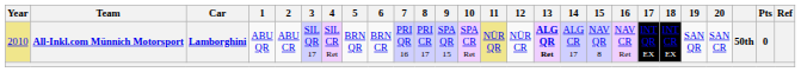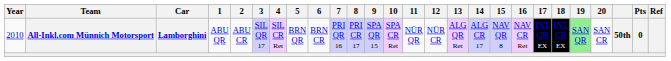 <table class="wikitable" style="text-align:center; font-size:85%;">
 <tr>
 <th>Year</th>
 <th>Team</th>
 <th>Car</th>
 <th>1</th>
 <th>2</th>
 <th>3</th>
 <th>4</th>
 <th>5</th>
 <th>6</th>
 <th>7</th>
 <th>8</th>
 <th>9</th>
 <th>10</th>
 <th>11</th>
 <th>12</th>
 <th>13</th>
 <th>14</th>
 <th>15</th>
 <th>16</th>
 <th>17</th>
 <th>18</th>
 <th>19</th>
 <th>20</th>
 <th></th>
 <th>Pts</th>
 <th>Ref</th>
 </tr>
 <tr>
-<td style="background: khaki;"><a href='#'>2010</a></td>
+<td><a href='#'>2010</a></td>
 <th nowrap><a href='#'>All-Inkl.com Münnich Motorsport</a></th>
 <th nowrap><a href='#'>Lamborghini</a></th>
 <td><a href='#'>ABU<br>QR</a></td>
 <td><a href='#'>ABU<br>CR</a></td>
 <td style="background:#cfcfff;"><a href='#'>SIL<br>QR</a><br><small>17<br></small></td>
 <td style="background:#efcfff;"><a href='#'>SIL<br>CR</a><br><small>Ret<br></small></td>
 <td><a href='#'>BRN<br>QR</a></td>
 <td><a href='#'>BRN<br>CR</a></td>
 <td style="background:#cfcfff;"><a href='#'>PRI<br>QR</a><br><small>16<br></small></td>
 <td style="background:#cfcfff;"><a href='#'>PRI<br>CR</a><br><small>17<br></small></td>
 <td style="background:#cfcfff;"><a href='#'>SPA<br>QR</a><br><small>15<br></small></td>
 <td style="background:#efcfff;"><a href='#'>SPA<br>CR</a><br><small>Ret<br></small></td>
-<td style="background: khaki;"><a href='#'>NÜR<br>QR</a></td>
+<td><a href='#'>NÜR<br>QR</a></td>
 <td><a href='#'>NÜR<br>CR</a></td>
-<td style="background:#efcfff;"><strong><a href='#'>ALG<br>QR</a><br><small>Ret<br></small></strong></td>
+<td style="background:#efcfff;"><a href='#'>ALG<br>QR</a><br><small>Ret<br></small></td>
 <td style="background:#cfcfff;"><a href='#'>ALG<br>CR</a><br><small>17<br></small></td>
 <td style="background:#cfcfff;"><a href='#'>NAV<br>QR</a><br><small>8<br></small></td>
 <td style="background:#efcfff;"><a href='#'>NAV<br>CR</a><br><small>Ret<br></small></td>
 <td style="background:#000; color:white;"><a href='#'><span>INT<br>QR</span></a><br><small>EX<br></small></td>
 <td style="background:#000; color:white;"><a href='#'><span>INT<br>CR</span></a><br><small>EX<br></small></td>
-<td><a href='#'>SAN<br>QR</a></td>
+<td style="background: lightgreen;"><a href='#'>SAN<br>QR</a></td>
 <td><a href='#'>SAN<br>CR</a></td>
 <th>50th</th>
 <th>0</th>
 <th></th>
 </tr>
 <tr>
 <th colspan="26"></th>
 </tr>
 </table>
